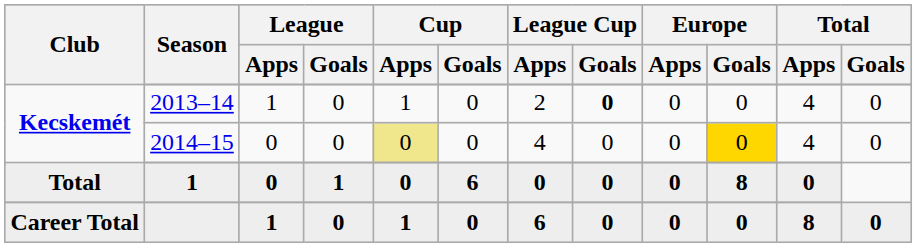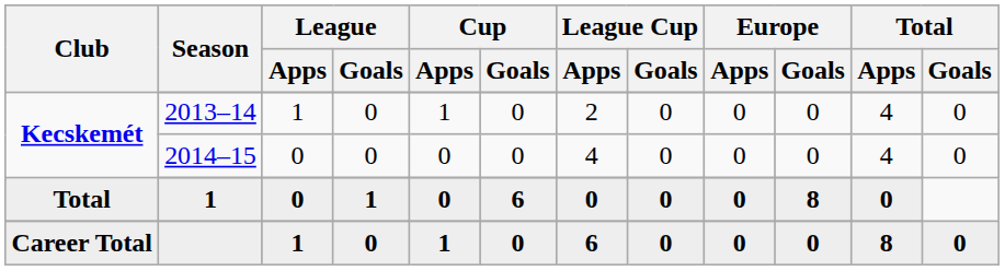 <table class="wikitable" style="font-size:90%; text-align: center;">
 <tr>
 <th rowspan="2">Club</th>
 <th rowspan="2">Season</th>
 <th colspan="2">League</th>
 <th colspan="2">Cup</th>
 <th colspan="2">League Cup</th>
 <th colspan="2">Europe</th>
 <th colspan="2">Total</th>
 </tr>
 <tr>
 <th>Apps</th>
 <th>Goals</th>
 <th>Apps</th>
 <th>Goals</th>
 <th>Apps</th>
 <th>Goals</th>
 <th>Apps</th>
 <th>Goals</th>
 <th>Apps</th>
 <th>Goals</th>
 </tr>
 <tr ||-||-||-|->
 <td rowspan="4" valign="center"><strong><a href='#'>Kecskemét</a></strong></td>
 </tr>
 <tr>
 <td><a href='#'>2013–14</a></td>
 <td>1</td>
 <td>0</td>
 <td>1</td>
 <td>0</td>
 <td>2</td>
-<td><strong>0</strong></td>
+<td>0</td>
 <td>0</td>
 <td>0</td>
 <td>4</td>
 <td>0</td>
 </tr>
 <tr>
 <td><a href='#'>2014–15</a></td>
 <td>0</td>
 <td>0</td>
-<td style="background: khaki;">0</td>
+<td>0</td>
 <td>0</td>
 <td>4</td>
 <td>0</td>
 <td>0</td>
-<td style="background: gold;">0</td>
+<td>0</td>
 <td>4</td>
 <td>0</td>
 </tr>
 <tr>
 </tr>
 <tr style="font-weight:bold; background-color:#eeeeee;">
 <td>Total</td>
 <td>1</td>
 <td>0</td>
 <td>1</td>
 <td>0</td>
 <td>6</td>
 <td>0</td>
 <td>0</td>
 <td>0</td>
 <td>8</td>
 <td>0</td>
 </tr>
 <tr>
 </tr>
 <tr style="font-weight:bold; background-color:#eeeeee;">
 <td rowspan="2" valign="top"><strong>Career Total</strong></td>
 <td></td>
 <td><strong>1</strong></td>
 <td><strong>0</strong></td>
 <td><strong>1</strong></td>
 <td><strong>0</strong></td>
 <td><strong>6</strong></td>
 <td><strong>0</strong></td>
 <td><strong>0</strong></td>
 <td><strong>0</strong></td>
 <td><strong>8</strong></td>
 <td><strong>0</strong></td>
 </tr>
 </table>
